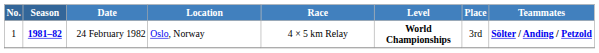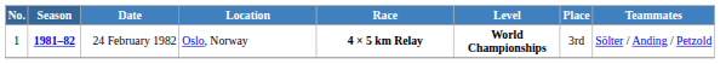 <table class="wikitable sortable" style="font-size:95%; text-align:center; border:grey solid 1px; border-collapse:collapse; background:#ffffff;">
 <tr style="background:#efefef;">
 <th style="background-color:#369; color:white;">No.</th>
 <th style="background-color:#369; color:white;">Season</th>
 <th style="background-color:#4180be; color:white; width:120px;">Date</th>
 <th style="background-color:#4180be; color:white; width:170px;">Location</th>
 <th style="background-color:#4180be; color:white; width:170px;">Race</th>
 <th style="background-color:#4180be; color:white; width:130px;">Level</th>
 <th style="background-color:#4180be; color:white;">Place</th>
 <th style="background-color:#4180be; color:white;">Teammates</th>
 </tr>
 <tr>
 <td align=center>1</td>
 <td rowspan=1 align=center><strong> <a href='#'>1981–82</a> </strong></td>
 <td align=right>24 February 1982</td>
 <td align=left> <a href='#'>Oslo</a>, Norway</td>
-<td>4 × 5 km Relay</td>
+<td><strong>4 × 5 km Relay</strong></td>
 <td><strong>World Championships</strong></td>
 <td>3rd</td>
-<td><strong><a href='#'>Sölter</a> / <a href='#'>Anding</a> / <a href='#'>Petzold</a></strong></td>
+<td><a href='#'>Sölter</a> / <a href='#'>Anding</a> / <a href='#'>Petzold</a></td>
 </tr>
 <tr>
 </tr>
 </table>
